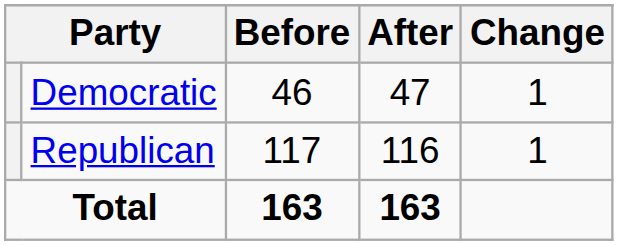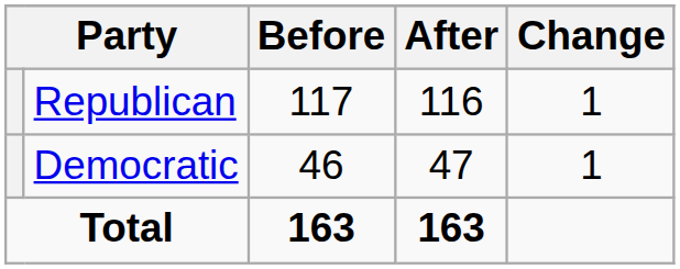 <table class="wikitable" style="text-align:center;">
 <tr>
 </tr>
 <tr>
 <th colspan=2>Party</th>
 <th>Before</th>
 <th>After</th>
 <th>Change</th>
 </tr>
 <tr>
 <th style="background-color:"></th>
-<td style="text-align:left;"><a href='#'>Democratic</a></td>
-<td>46</td>
-<td>47</td>
+<td style="text-align:left;"><a href='#'>Republican</a></td>
+<td>117</td>
+<td>116</td>
 <td> 1</td>
 </tr>
 <tr>
 <th style="background-color:"></th>
-<td style="text-align:left;"><a href='#'>Republican</a></td>
-<td>117</td>
-<td>116</td>
+<td style="text-align:left;"><a href='#'>Democratic</a></td>
+<td>46</td>
+<td>47</td>
 <td> 1</td>
 </tr>
 <tr>
 <td colspan=2><strong>Total</strong></td>
 <td><strong>163</strong></td>
 <td><strong>163</strong></td>
 <td></td>
 </tr>
 </table>
